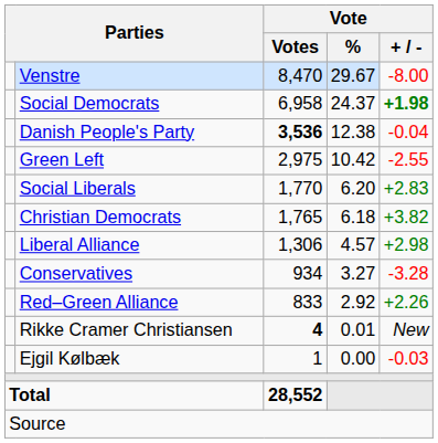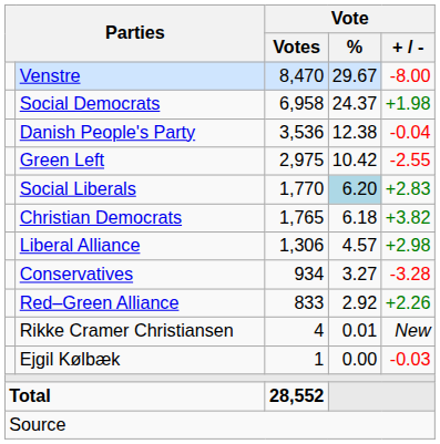 <table class="wikitable" style="text-align:right;">
 <tr>
 <th style="text-align:centre;" rowspan="2" colspan="2" width="225">Parties</th>
 <th colspan="3">Vote</th>
 </tr>
 <tr>
 <th width="15">Votes</th>
 <th width="15">%</th>
 <th width="15">+ / -</th>
 </tr>
 <tr>
 <td width="2" style="color:inherit;background:"></td>
 <td bgcolor=#cfe5fe  align="left"><a href='#'>Venstre</a></td>
 <td bgcolor=#cfe5fe>8,470</td>
 <td bgcolor=#cfe5fe>29.67</td>
 <td style=color:red;>-8.00</td>
 </tr>
 <tr>
 <td width="2" style="color:inherit;background:"></td>
 <td align="left"><a href='#'>Social Democrats</a></td>
 <td>6,958</td>
 <td>24.37</td>
-<td style=color:green;><strong>+1.98</strong></td>
+<td style=color:green;>+1.98</td>
 </tr>
 <tr>
 <td width="2" style="color:inherit;background:"></td>
 <td align="left"><a href='#'>Danish People's Party</a></td>
-<td><strong>3,536</strong></td>
+<td>3,536</td>
 <td>12.38</td>
 <td style=color:red;>-0.04</td>
 </tr>
 <tr>
 <td width="2" style="color:inherit;background:"></td>
 <td align="left"><a href='#'>Green Left</a></td>
 <td>2,975</td>
 <td>10.42</td>
 <td style=color:red;>-2.55</td>
 </tr>
 <tr>
 <td width="2" style="color:inherit;background:"></td>
 <td align="left"><a href='#'>Social Liberals</a></td>
 <td>1,770</td>
-<td>6.20</td>
+<td style="background: lightblue;">6.20</td>
 <td style=color:green;>+2.83</td>
 </tr>
 <tr>
 <td width="2" style="color:inherit;background:"></td>
 <td align="left"><a href='#'>Christian Democrats</a></td>
 <td>1,765</td>
 <td>6.18</td>
 <td style=color:green;>+3.82</td>
 </tr>
 <tr>
 <td width="2" style="color:inherit;background:"></td>
 <td align="left"><a href='#'>Liberal Alliance</a></td>
 <td>1,306</td>
 <td>4.57</td>
 <td style=color:green;>+2.98</td>
 </tr>
 <tr>
 <td width="2" style="color:inherit;background:"></td>
 <td align="left"><a href='#'>Conservatives</a></td>
 <td>934</td>
 <td>3.27</td>
 <td style=color:red;>-3.28</td>
 </tr>
 <tr>
 <td width="2" style="color:inherit;background:"></td>
 <td align="left"><a href='#'>Red–Green Alliance</a></td>
 <td>833</td>
 <td>2.92</td>
 <td style=color:green;>+2.26</td>
 </tr>
 <tr>
 <td width="2" style="color:inherit;background:"></td>
 <td align="left">Rikke Cramer Christiansen</td>
-<td><strong>4</strong></td>
+<td>4</td>
 <td>0.01</td>
 <td><em>New</em></td>
 </tr>
 <tr>
 <td width="2" style="color:inherit;background:"></td>
 <td align="left">Ejgil Kølbæk</td>
 <td>1</td>
 <td>0.00</td>
 <td style=color:red;>-0.03</td>
 </tr>
 <tr>
 <td colspan="7" bgcolor="#E9E9E9"></td>
 </tr>
 <tr>
 <td align="left" colspan="2"><strong>Total</strong></td>
 <td><strong>28,552</strong></td>
 <td bgcolor="#E9E9E9" colspan="2"></td>
 </tr>
 <tr>
 <td align="left" colspan="6">Source</td>
 </tr>
 </table>
